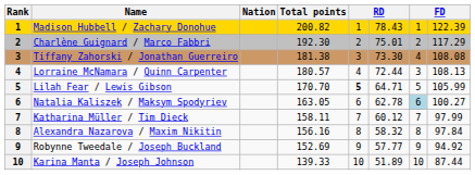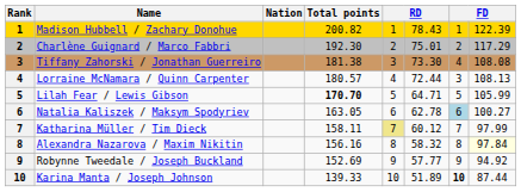 <table class="wikitable sortable">
 <tr>
 <th>Rank</th>
 <th>Name</th>
 <th>Nation</th>
 <th>Total points</th>
 <th colspan="2" width="80px"><a href='#'>RD</a></th>
 <th colspan="2" width="80px"><a href='#'>FD</a></th>
 </tr>
 <tr bgcolor="gold">
 <td align="center"><strong>1</strong></td>
 <td><a href='#'>Madison Hubbell</a> / <a href='#'>Zachary Donohue</a></td>
 <td></td>
 <td align="center">200.82</td>
 <td align="center">1</td>
 <td align="center">78.43</td>
 <td align="center">1</td>
 <td align="center">122.39</td>
 </tr>
 <tr bgcolor="silver">
 <td align="center"><strong>2</strong></td>
 <td><a href='#'>Charlène Guignard</a> / <a href='#'>Marco Fabbri</a></td>
 <td></td>
 <td align="center">192.30</td>
 <td align="center">2</td>
 <td align="center">75.01</td>
 <td align="center">2</td>
 <td align="center">117.29</td>
 </tr>
 <tr bgcolor="cc9966">
 <td align="center"><strong>3</strong></td>
 <td><a href='#'>Tiffany Zahorski</a> / <a href='#'>Jonathan Guerreiro</a></td>
 <td></td>
 <td align="center">181.38</td>
 <td align="center">3</td>
 <td align="center">73.30</td>
 <td align="center">4</td>
 <td align="center">108.08</td>
 </tr>
 <tr>
 <th>4</th>
 <td><a href='#'>Lorraine McNamara</a> / <a href='#'>Quinn Carpenter</a></td>
 <td></td>
 <td align="center">180.57</td>
 <td align="center">4</td>
 <td align="center">72.44</td>
 <td align="center">3</td>
 <td align="center">108.13</td>
 </tr>
 <tr>
 <th>5</th>
 <td><a href='#'>Lilah Fear</a> / <a href='#'>Lewis Gibson</a></td>
 <td></td>
-<td align="center">170.70</td>
-<td align="center"><strong>5</strong></td>
+<td align="center"><strong>170.70</strong></td>
+<td align="center">5</td>
 <td align="center">64.71</td>
 <td align="center">5</td>
 <td align="center">105.99</td>
 </tr>
 <tr>
 <th>6</th>
 <td><a href='#'>Natalia Kaliszek</a> / <a href='#'>Maksym Spodyriev</a></td>
 <td></td>
 <td align="center">163.05</td>
 <td align="center">6</td>
 <td align="center">62.78</td>
 <td align="center" style="background: lightblue;">6</td>
 <td align="center">100.27</td>
 </tr>
 <tr>
 <th>7</th>
 <td><a href='#'>Katharina Müller</a> / <a href='#'>Tim Dieck</a></td>
 <td></td>
 <td align="center">158.11</td>
-<td align="center">7</td>
+<td align="center" style="background: khaki;">7</td>
 <td align="center">60.12</td>
 <td align="center">7</td>
 <td align="center">97.99</td>
 </tr>
 <tr>
 <th>8</th>
 <td><a href='#'>Alexandra Nazarova</a> / <a href='#'>Maxim Nikitin</a></td>
 <td></td>
 <td align="center">156.16</td>
 <td align="center">8</td>
 <td align="center">58.32</td>
 <td align="center">8</td>
-<td align="center">97.84</td>
+<td align="center" style="background: lightyellow;">97.84</td>
 </tr>
 <tr>
 <th>9</th>
 <td>Robynne Tweedale / <a href='#'>Joseph Buckland</a></td>
 <td></td>
 <td align="center">152.69</td>
 <td align="center">9</td>
 <td align="center">57.77</td>
 <td align="center">9</td>
 <td align="center">94.92</td>
 </tr>
 <tr>
 <th>10</th>
 <td><a href='#'>Karina Manta</a> / <a href='#'>Joseph Johnson</a></td>
 <td></td>
 <td align="center">139.33</td>
 <td align="center">10</td>
 <td align="center">51.89</td>
-<td align="center">10</td>
+<td align="center"><strong>10</strong></td>
 <td align="center">87.44</td>
 </tr>
 </table>
